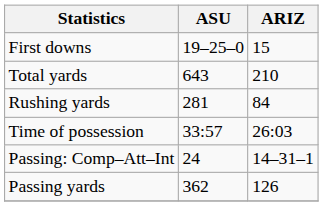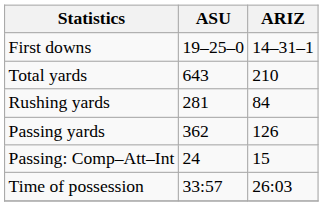 <table class="wikitable" style="float: left;">
 <tr>
 <th>Statistics</th>
 <th>ASU</th>
 <th>ARIZ</th>
 </tr>
 <tr>
 <td>First downs</td>
 <td>19–25–0</td>
-<td>15</td>
+<td>14–31–1</td>
 </tr>
 <tr>
 <td>Total yards</td>
 <td>643</td>
 <td>210</td>
 </tr>
 <tr>
 <td>Rushing yards</td>
 <td>281</td>
 <td>84</td>
 </tr>
 <tr>
+<td>Passing yards</td>
+<td>362</td>
+<td>126</td>
+</tr>
+<tr>
+<td>Passing: Comp–Att–Int</td>
+<td>24</td>
+<td>15</td>
+</tr>
+<tr>
 <td>Time of possession</td>
 <td>33:57</td>
 <td>26:03</td>
 </tr>
 <tr>
-<td>Passing: Comp–Att–Int</td>
-<td>24</td>
-<td>14–31–1</td>
-</tr>
-<tr>
-<td>Passing yards</td>
-<td>362</td>
-<td>126</td>
-</tr>
-<tr>
 </tr>
 </table>
